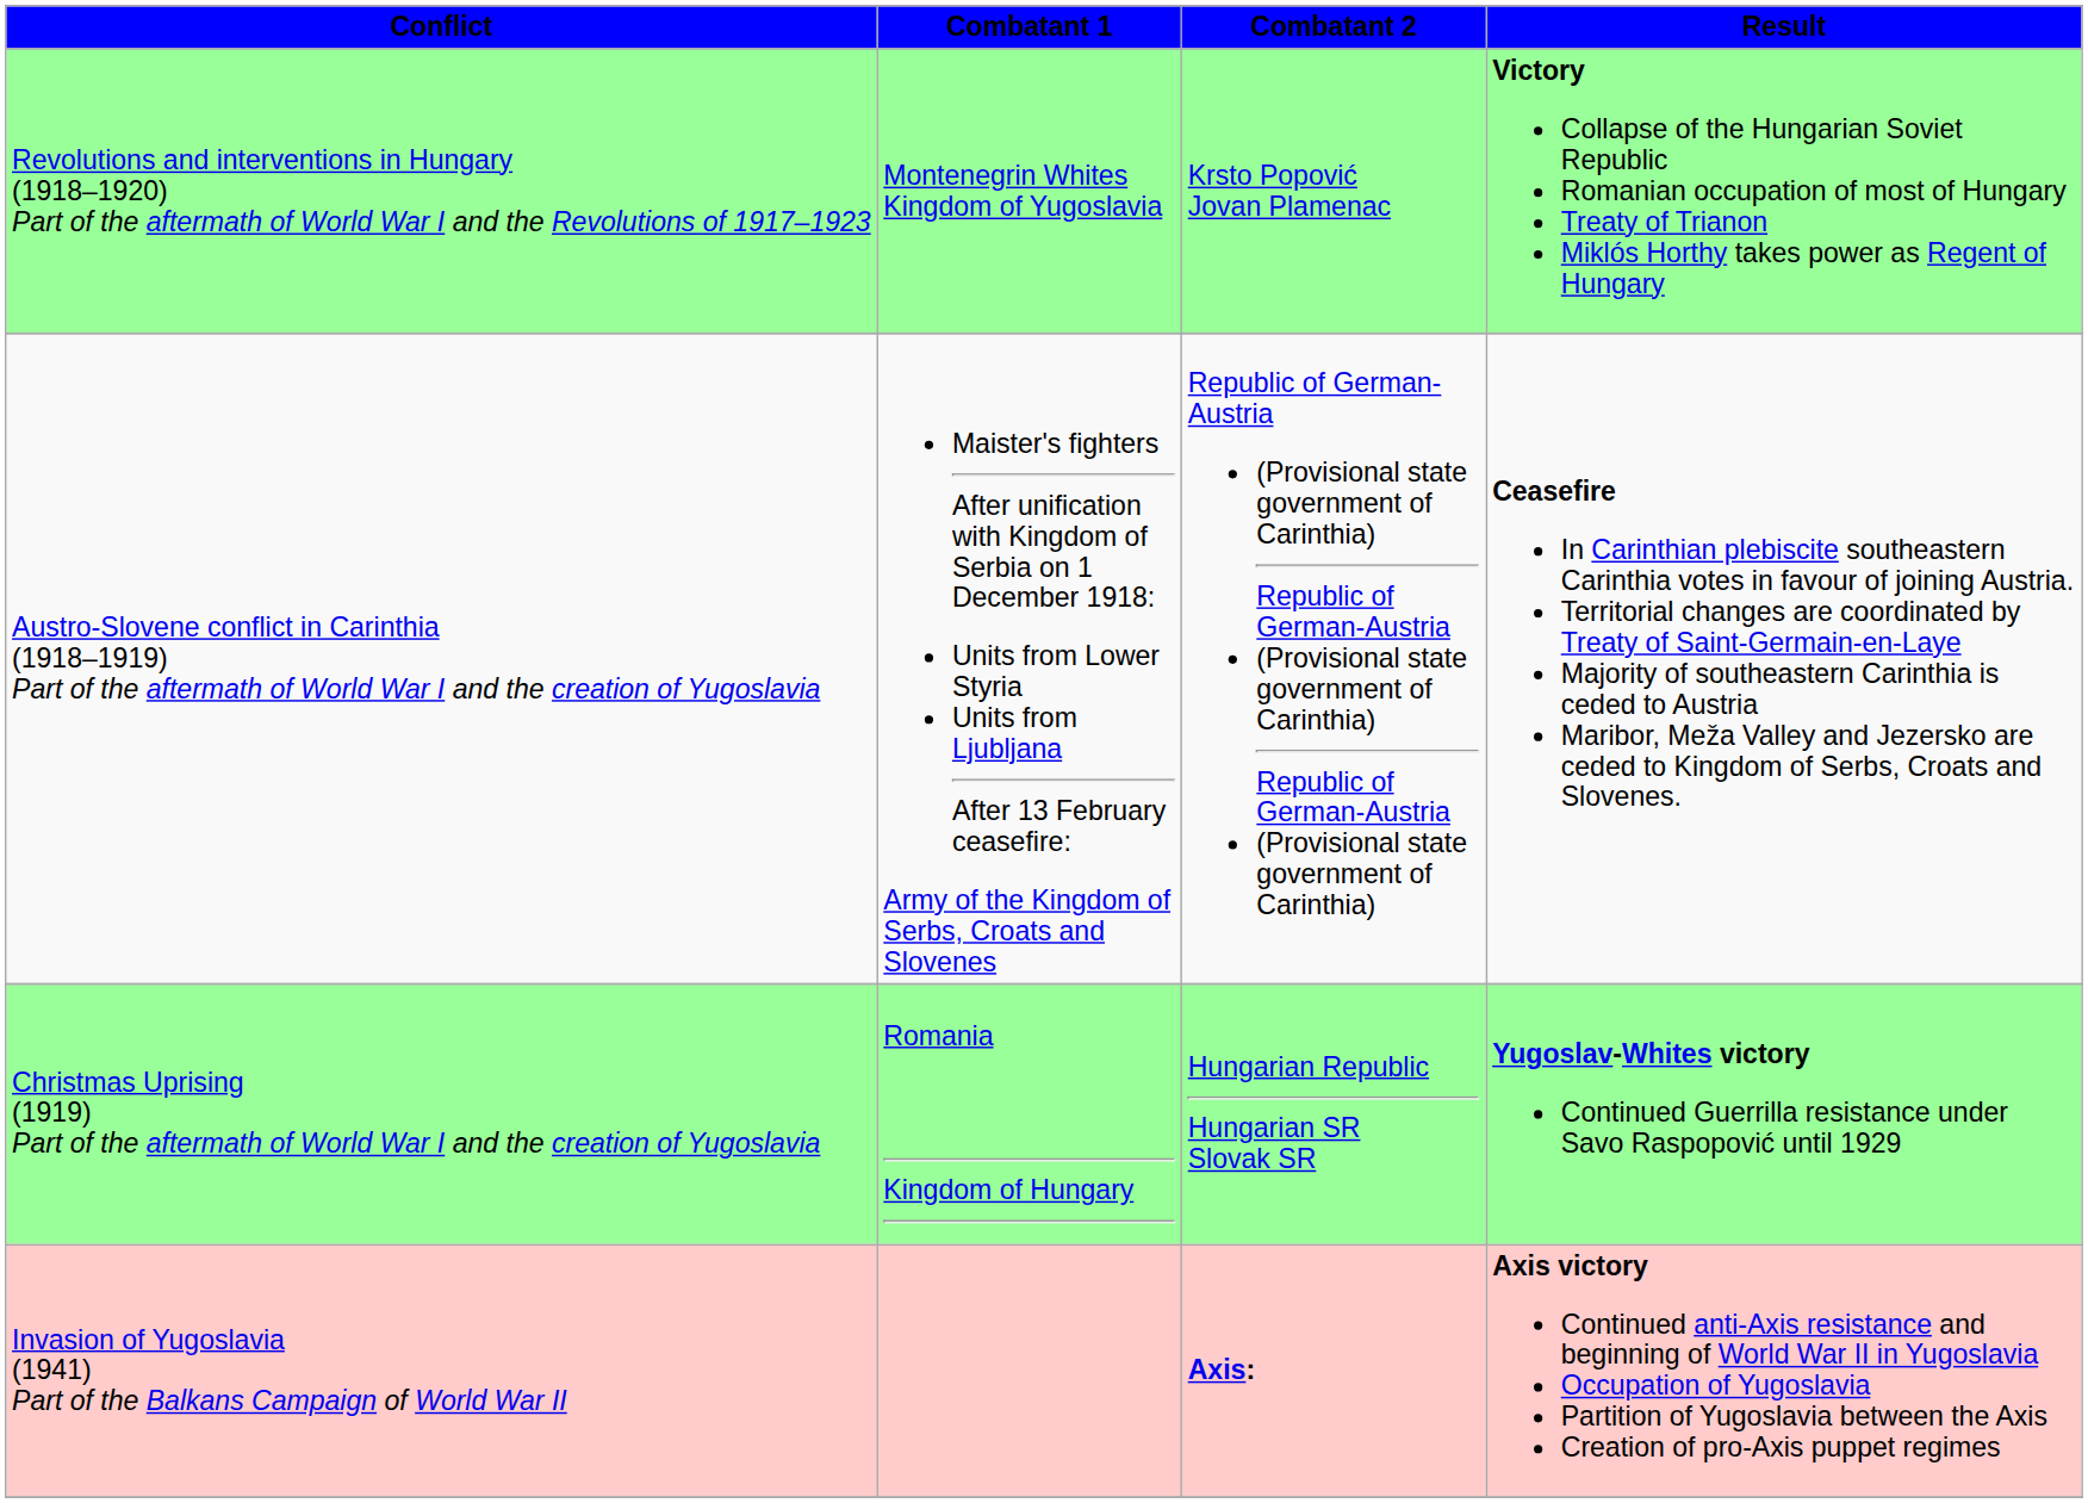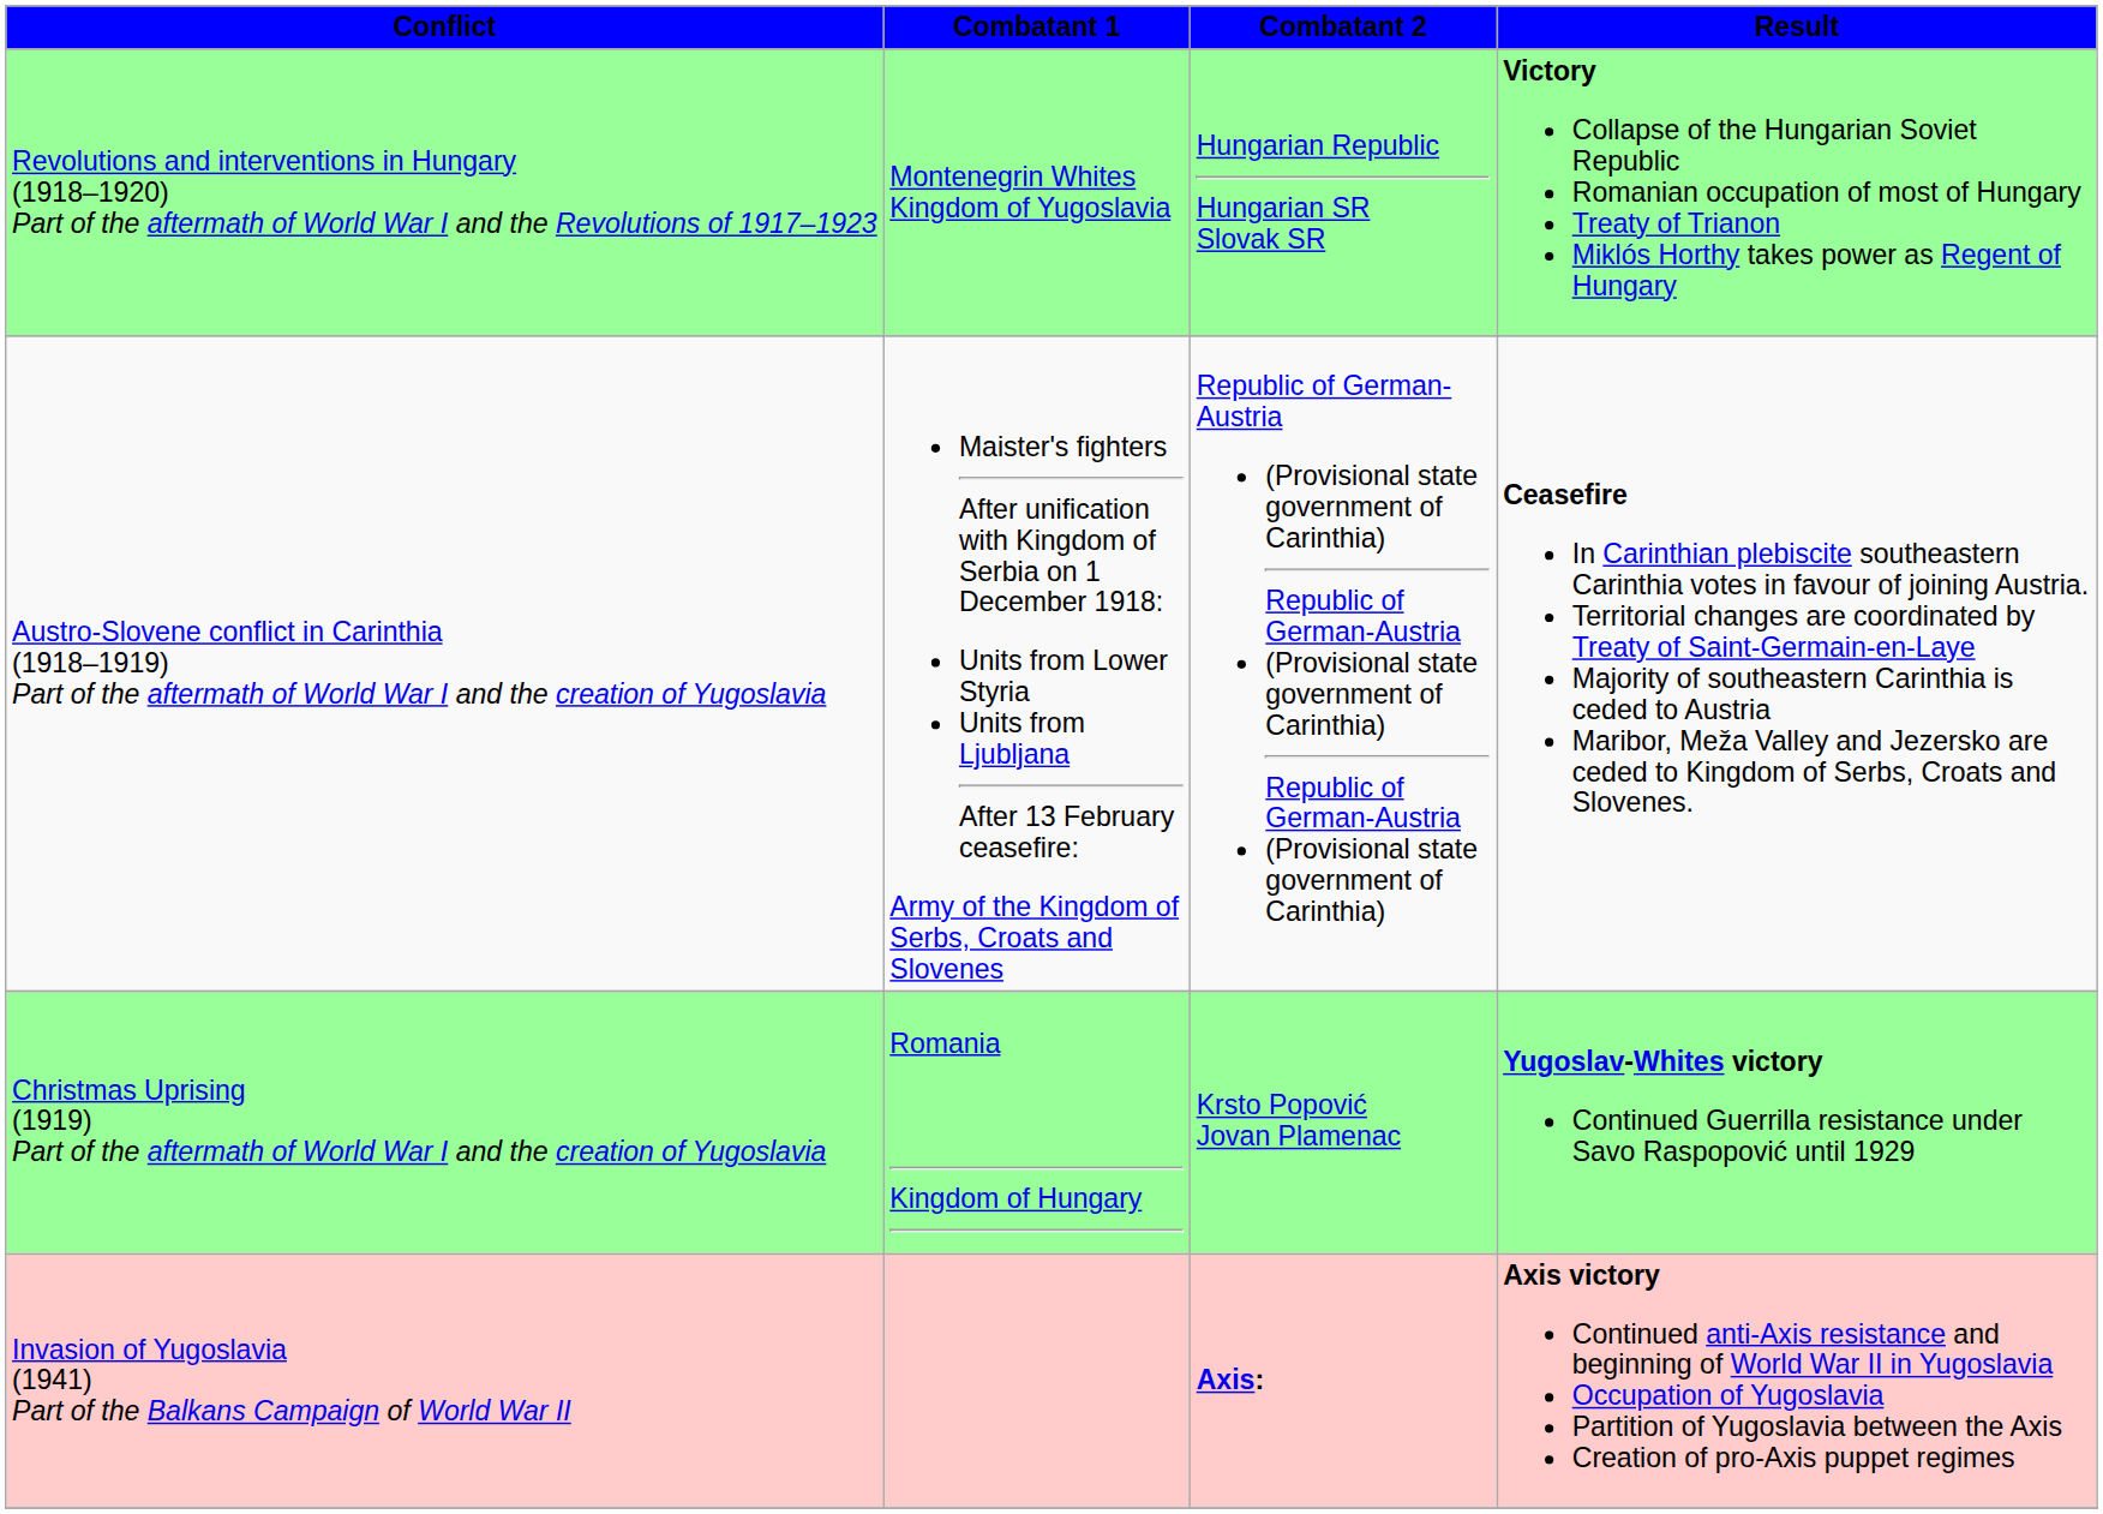 <table class="wikitable">
 <tr>
 <th style="background-color:blue;" rowspan="1"><span>Conflict</span></th>
 <th style="background-color:blue;" rowspan="1" width=170px><span>Combatant 1</span></th>
 <th style="background-color:blue;" rowspan="1" width=170px><span>Combatant 2</span></th>
 <th style="background-color:blue;" rowspan="1" width=340px><span>Result</span></th>
 </tr>
 <tr bgcolor="#99ff99">
 <td><a href='#'>Revolutions and interventions in Hungary</a><br>(1918–1920)<br><em>Part of the <a href='#'>aftermath of World War I</a> and the <a href='#'>Revolutions of 1917–1923</a></em></td>
 <td> <a href='#'>Montenegrin Whites</a> <br> <a href='#'>Kingdom of Yugoslavia</a></td>
-<td> <a href='#'>Krsto Popović</a><br> <a href='#'>Jovan Plamenac</a></td>
+<td> <a href='#'>Hungarian Republic</a><hr> <a href='#'>Hungarian SR</a><br> <a href='#'>Slovak SR</a></td>
 <td><strong>Victory</strong><br><ul><li>Collapse of the Hungarian Soviet Republic</li><li>Romanian occupation of most of Hungary</li><li><a href='#'>Treaty of Trianon</a></li><li><a href='#'>Miklós Horthy</a> takes power as <a href='#'>Regent of Hungary</a></li></ul></td>
 </tr>
 <tr bgcolor="#FFCCCB">
 </tr>
 <tr>
 <td><a href='#'>Austro-Slovene conflict in Carinthia</a><br>(1918–1919)<br><em>Part of the <a href='#'>aftermath of World War I</a> and the <a href='#'>creation of Yugoslavia</a></em></td>
 <td><br><br><ul><li>Maister's fighters<hr>After unification with Kingdom of Serbia on 1 December 1918:</li></ul><ul><li>Units from Lower Styria</li><li>Units from <a href='#'>Ljubljana</a><hr>After 13 February ceasefire:</li></ul> <a href='#'>Army of the Kingdom of Serbs, Croats and Slovenes</a></td>
 <td> <a href='#'>Republic of German-Austria</a><br><ul><li> (Provisional state government of Carinthia)<hr> <a href='#'>Republic of German-Austria</a></li><li> (Provisional state government of Carinthia)<hr> <a href='#'>Republic of German-Austria</a></li><li> (Provisional state government of Carinthia)</li></ul></td>
 <td><strong>Ceasefire</strong><br><ul><li>In <a href='#'>Carinthian plebiscite</a> southeastern Carinthia votes in favour of joining Austria.</li><li>Territorial changes are coordinated by <a href='#'>Treaty of Saint-Germain-en-Laye</a></li><li>Majority of southeastern Carinthia is ceded to Austria</li><li>Maribor, Meža Valley and Jezersko are ceded to Kingdom of Serbs, Croats and Slovenes.</li></ul></td>
 </tr>
 <tr>
 </tr>
 <tr bgcolor="#99ff99">
 <td><a href='#'>Christmas Uprising</a><br>(1919)<br><em>Part of the <a href='#'>aftermath of World War I</a> and the <a href='#'>creation of Yugoslavia</a></em></td>
 <td><br> <a href='#'>Romania</a><br><br><br><br><hr> <a href='#'>Kingdom of Hungary</a><hr></td>
-<td> <a href='#'>Hungarian Republic</a><hr> <a href='#'>Hungarian SR</a><br> <a href='#'>Slovak SR</a></td>
+<td> <a href='#'>Krsto Popović</a><br> <a href='#'>Jovan Plamenac</a></td>
 <td><strong><a href='#'>Yugoslav</a>-<a href='#'>Whites</a> victory</strong><br><ul><li>Continued Guerrilla resistance under Savo Raspopović until 1929</li></ul></td>
 </tr>
 <tr bgcolor="#FFCCCB">
 <td><a href='#'>Invasion of Yugoslavia</a><br>(1941)<br><em>Part of the <a href='#'>Balkans Campaign</a> of <a href='#'>World War II</a></em></td>
 <td></td>
 <td><strong><a href='#'>Axis</a>:</strong> </td>
 <td><strong>Axis victory</strong><br><ul><li>Continued <a href='#'>anti-Axis resistance</a> and beginning of <a href='#'>World War II in Yugoslavia</a></li><li><a href='#'>Occupation of Yugoslavia</a></li><li>Partition of Yugoslavia between the Axis</li><li>Creation of pro-Axis puppet regimes</li></ul></td>
 </tr>
 <tr>
 </tr>
 </table>
